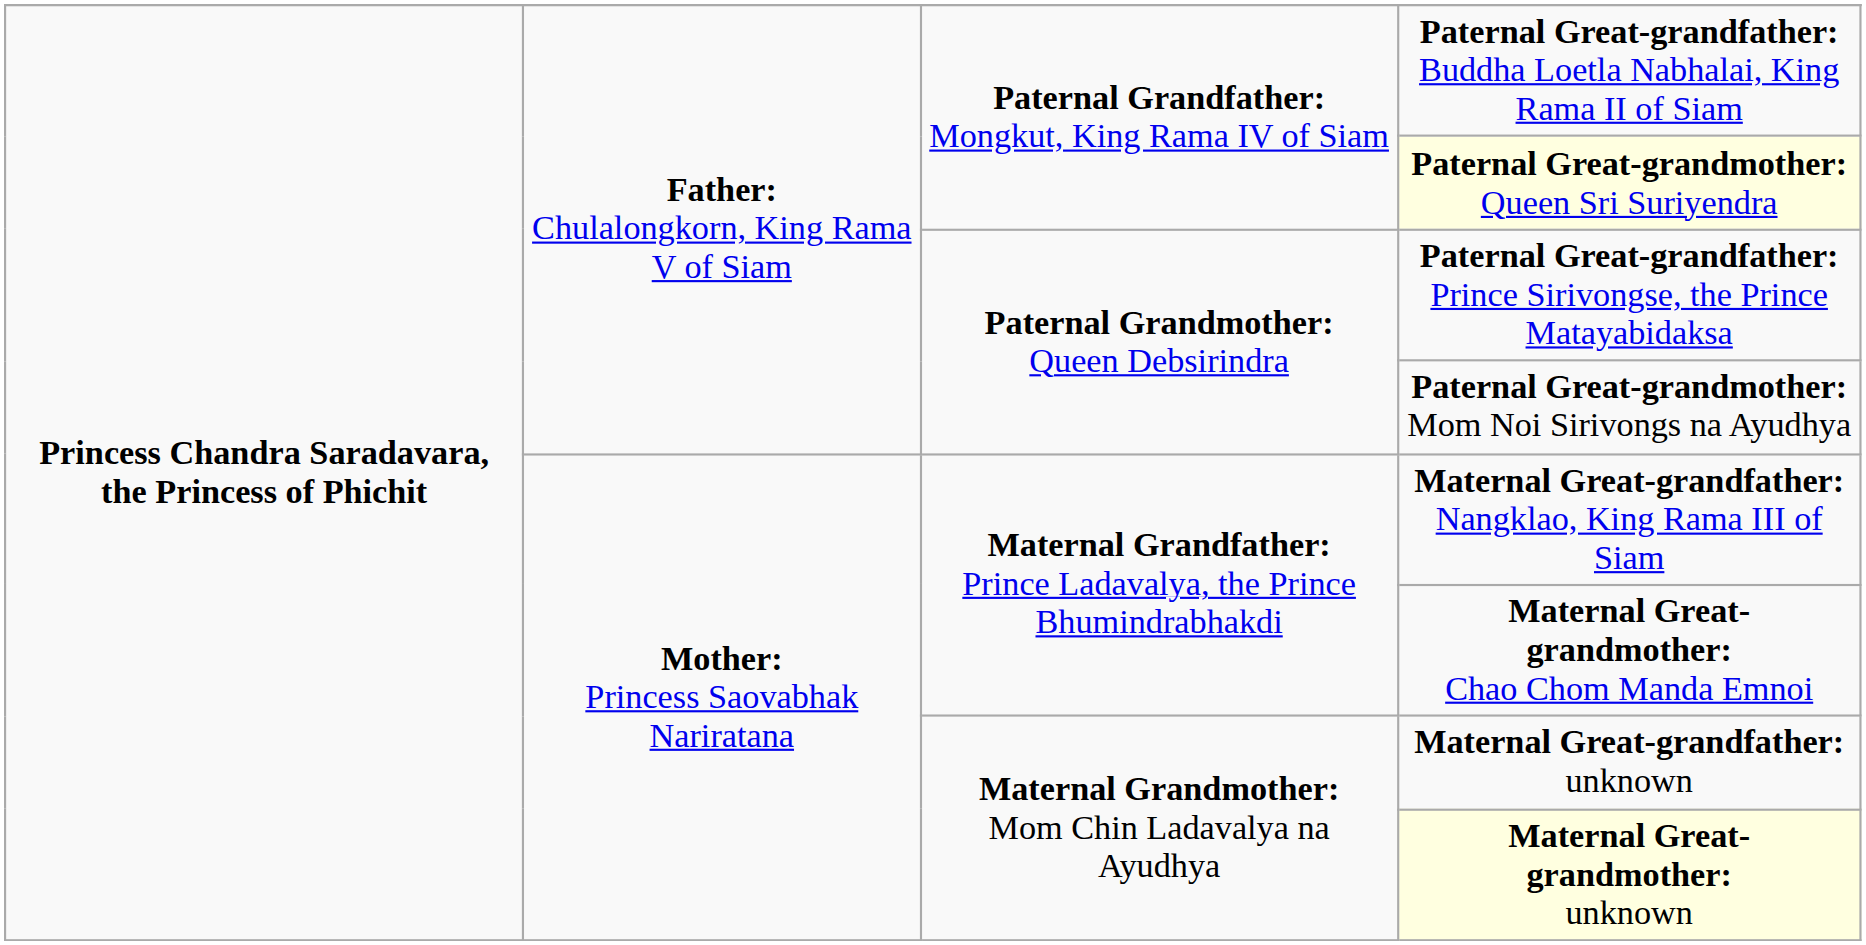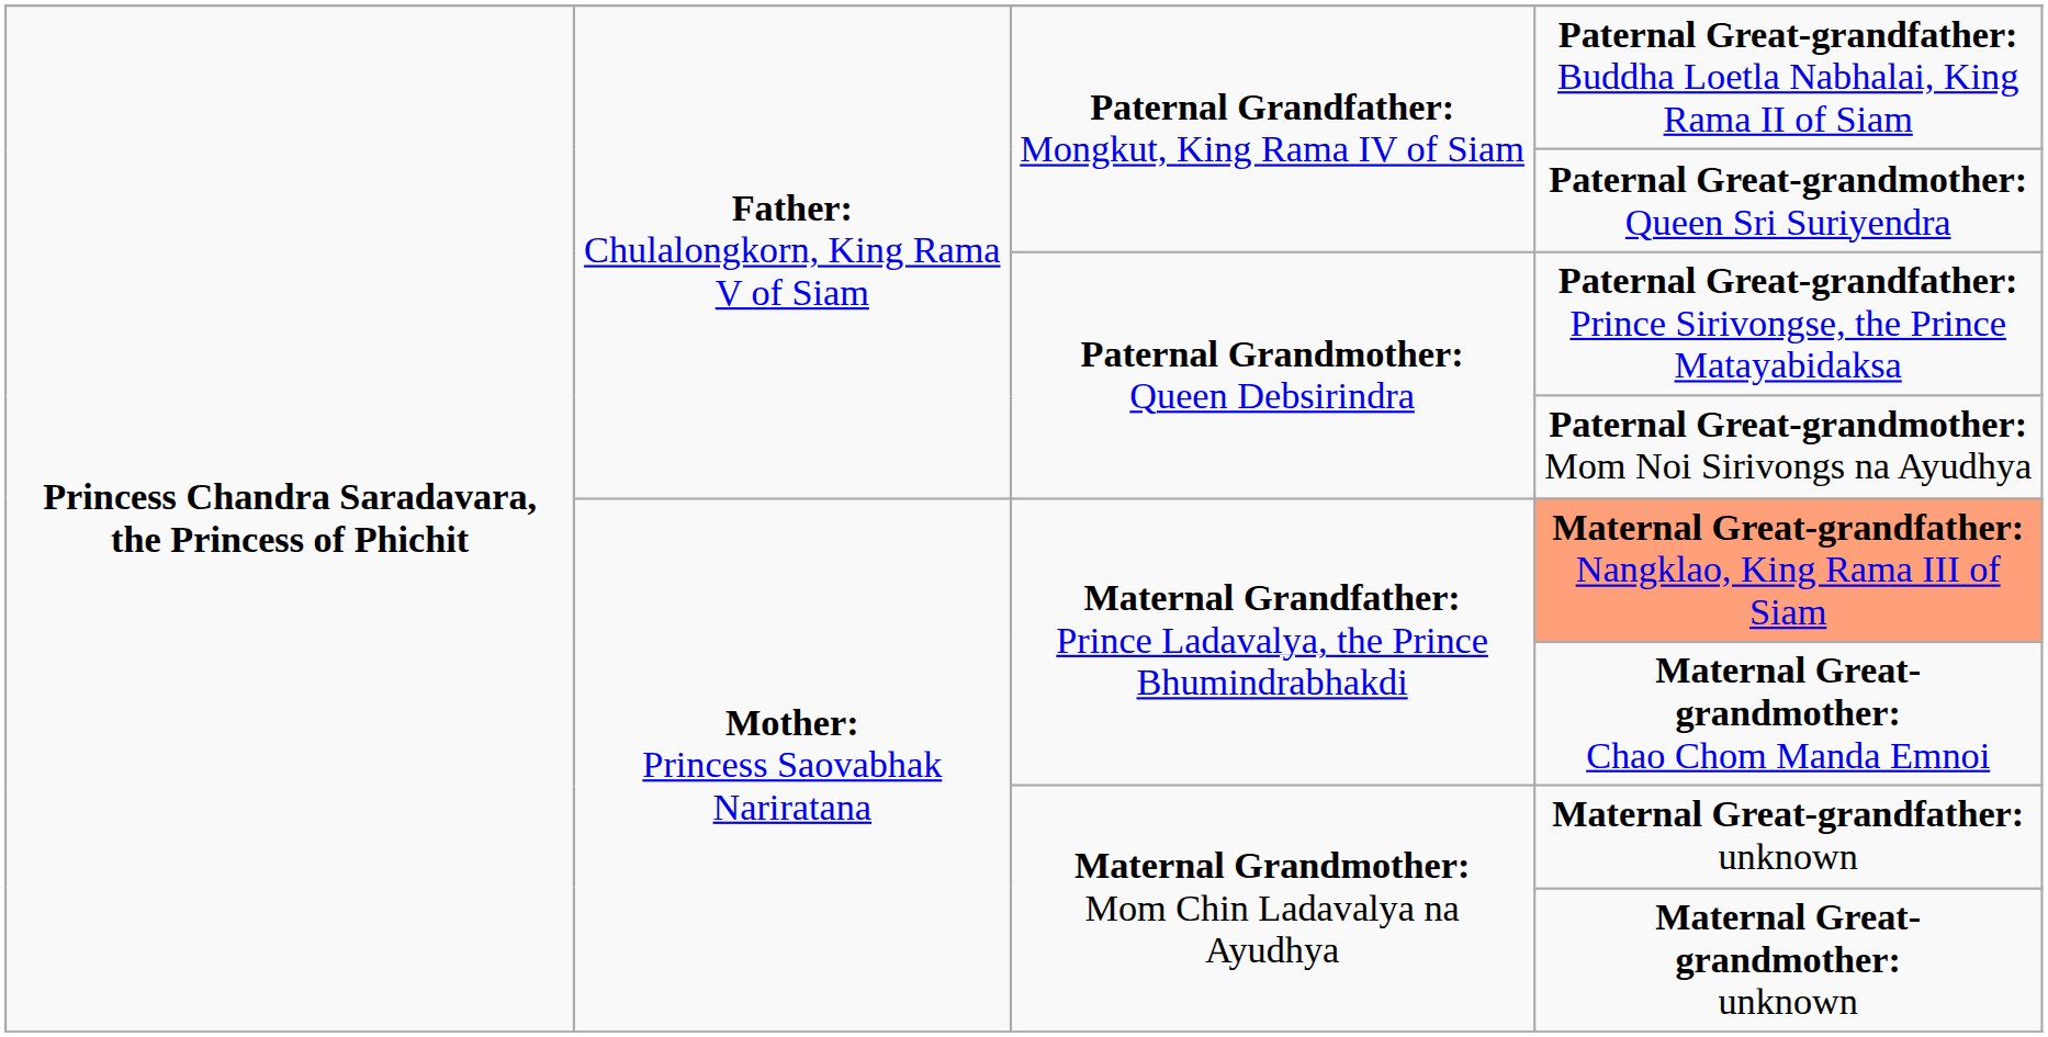 <table class="wikitable">
 <tr>
 </tr>
 <tr>
 <td rowspan="8" align="center"><strong>Princess Chandra Saradavara, the Princess of Phichit</strong></td>
 <td rowspan="4" align="center"><strong>Father:</strong><br><a href='#'>Chulalongkorn, King Rama V of Siam</a></td>
 <td rowspan="2" align="center"><strong>Paternal Grandfather:</strong><br><a href='#'>Mongkut, King Rama IV of Siam</a></td>
 <td align = "center"><strong>Paternal Great-grandfather:</strong><br><a href='#'>Buddha Loetla Nabhalai, King Rama II of Siam</a></td>
 </tr>
 <tr>
-<td align = "center" style="background: lightyellow;"><strong>Paternal Great-grandmother:</strong><br><a href='#'>Queen Sri Suriyendra</a></td>
+<td align = "center"><strong>Paternal Great-grandmother:</strong><br><a href='#'>Queen Sri Suriyendra</a></td>
 </tr>
 <tr>
 <td rowspan="2" align="center"><strong>Paternal Grandmother:</strong><br><a href='#'>Queen Debsirindra</a></td>
 <td align = "center"><strong>Paternal Great-grandfather:</strong><br><a href='#'>Prince Sirivongse, the Prince Matayabidaksa</a></td>
 </tr>
 <tr>
 <td align = "center"><strong>Paternal Great-grandmother:</strong><br>Mom Noi Sirivongs na Ayudhya</td>
 </tr>
 <tr>
 <td rowspan="4" align="center"><strong>Mother:</strong><br><a href='#'>Princess Saovabhak Nariratana</a></td>
 <td rowspan="2" align="center"><strong>Maternal Grandfather:</strong><br><a href='#'>Prince Ladavalya, the Prince Bhumindrabhakdi</a></td>
-<td align = "center"><strong>Maternal Great-grandfather:</strong><br><a href='#'>Nangklao, King Rama III of Siam</a></td>
+<td align = "center" style="background: lightsalmon;"><strong>Maternal Great-grandfather:</strong><br><a href='#'>Nangklao, King Rama III of Siam</a></td>
 </tr>
 <tr>
 <td align = "center"><strong>Maternal Great-grandmother:</strong><br><a href='#'>Chao Chom Manda Emnoi</a></td>
 </tr>
 <tr>
 <td rowspan="2" align="center"><strong>Maternal Grandmother:</strong><br>Mom Chin Ladavalya na Ayudhya</td>
 <td align = "center"><strong>Maternal Great-grandfather:</strong><br>unknown</td>
 </tr>
 <tr>
-<td align = "center" style="background: lightyellow;"><strong>Maternal Great-grandmother:</strong><br>unknown</td>
+<td align = "center"><strong>Maternal Great-grandmother:</strong><br>unknown</td>
 </tr>
 </table>
